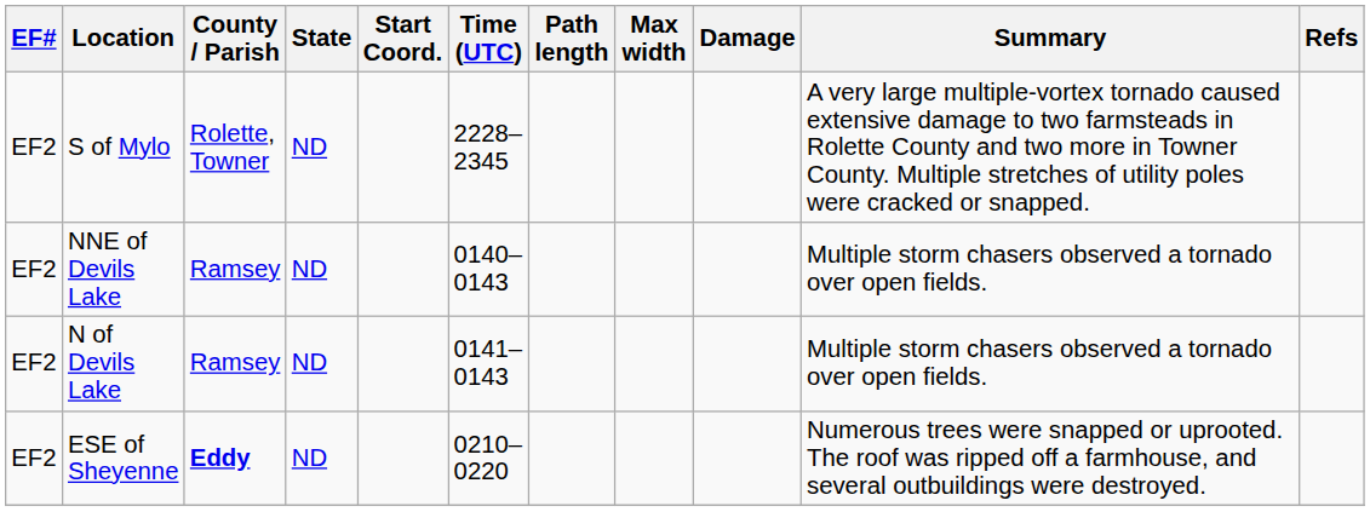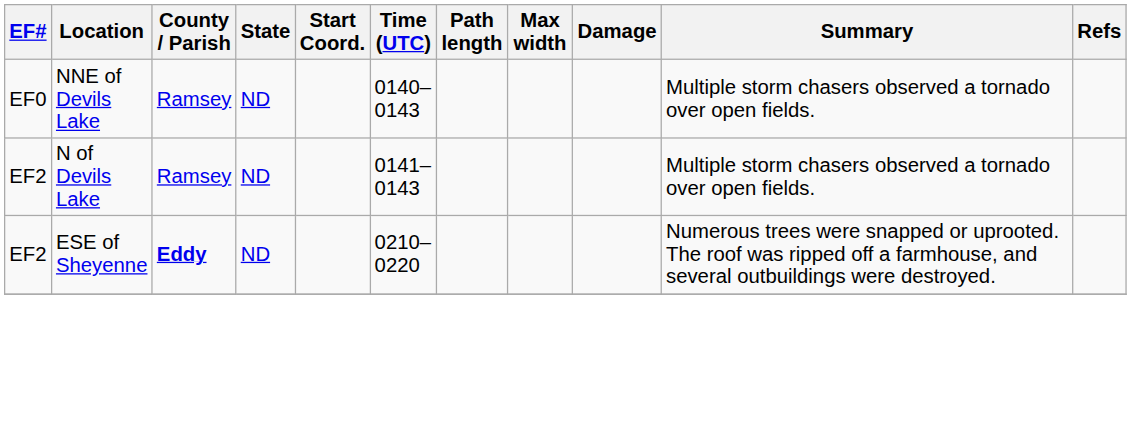 <table class="wikitable sortable" style="width:100%;">
 <tr>
 <th scope="col" width="3%" align="center"><a href='#'>EF#</a></th>
 <th scope="col" width="7%" align="center" class="unsortable">Location</th>
 <th scope="col" width="6%" align="center" class="unsortable">County / Parish</th>
 <th scope="col" width="5%" align="center">State</th>
 <th scope="col" width="6%" align="center">Start Coord.</th>
 <th scope="col" width="6%" align="center">Time (<a href='#'>UTC</a>)</th>
 <th scope="col" width="6%" align="center">Path length</th>
 <th scope="col" width="6%" align="center">Max width</th>
 <th scope="col" width="6%" align="center">Damage</th>
 <th scope="col" width="48%" class="unsortable" align="center">Summary</th>
 <th scope="col" width="48%" class="unsortable" align="center">Refs</th>
 </tr>
 <tr>
-<td>EF2</td>
-<td>S of <a href='#'>Mylo</a></td>
-<td><a href='#'>Rolette</a>, <a href='#'>Towner</a></td>
-<td><a href='#'>ND</a></td>
-<td></td>
-<td>2228–2345</td>
-<td></td>
-<td></td>
-<td></td>
-<td>A very large multiple-vortex tornado caused extensive damage to two farmsteads in Rolette County and two more in Towner County. Multiple stretches of utility poles were cracked or snapped.</td>
-<td></td>
-</tr>
-<tr>
-<td>EF2</td>
+<td>EF0</td>
 <td>NNE of <a href='#'>Devils Lake</a></td>
 <td><a href='#'>Ramsey</a></td>
 <td><a href='#'>ND</a></td>
 <td></td>
 <td>0140–0143</td>
 <td></td>
 <td></td>
 <td></td>
 <td>Multiple storm chasers observed a tornado over open fields.</td>
 <td></td>
 </tr>
 <tr>
 <td>EF2</td>
 <td>N of <a href='#'>Devils Lake</a></td>
 <td><a href='#'>Ramsey</a></td>
 <td><a href='#'>ND</a></td>
 <td></td>
 <td>0141–0143</td>
 <td></td>
 <td></td>
 <td></td>
 <td>Multiple storm chasers observed a tornado over open fields.</td>
 <td></td>
 </tr>
 <tr>
 <td>EF2</td>
 <td>ESE of <a href='#'>Sheyenne</a></td>
 <td><strong><a href='#'>Eddy</a></strong></td>
 <td><a href='#'>ND</a></td>
 <td></td>
 <td>0210–0220</td>
 <td></td>
 <td></td>
 <td></td>
 <td>Numerous trees were snapped or uprooted. The roof was ripped off a farmhouse, and several outbuildings were destroyed.</td>
 <td></td>
 </tr>
 <tr>
 </tr>
 </table>
